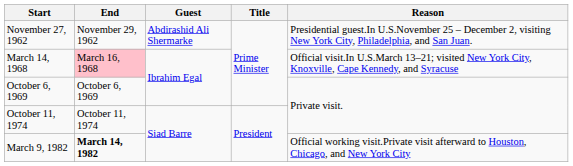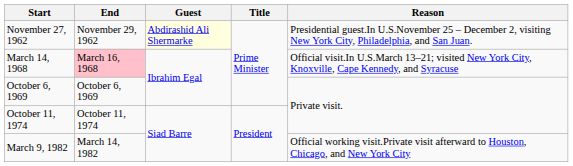 <table class="wikitable sortable">
 <tr>
 <th>Start</th>
 <th>End</th>
 <th>Guest</th>
 <th>Title</th>
 <th>Reason</th>
 </tr>
 <tr>
 <td>November 27, 1962</td>
 <td>November 29, 1962</td>
-<td><a href='#'>Abdirashid Ali Shermarke</a></td>
+<td style="background: lightyellow;"><a href='#'>Abdirashid Ali Shermarke</a></td>
 <td rowspan=3><a href='#'>Prime Minister</a></td>
 <td>Presidential guest.In U.S.November 25 – December 2, visiting <a href='#'>New York City</a>, <a href='#'>Philadelphia</a>, and <a href='#'>San Juan</a>.</td>
 </tr>
 <tr>
 <td>March 14, 1968</td>
 <td style="background: pink;">March 16, 1968</td>
 <td rowspan=2><a href='#'>Ibrahim Egal</a></td>
 <td>Official visit.In U.S.March 13–21; visited <a href='#'>New York City</a>, <a href='#'>Knoxville</a>, <a href='#'>Cape Kennedy</a>, and <a href='#'>Syracuse</a></td>
 </tr>
 <tr>
 <td>October 6, 1969</td>
 <td>October 6, 1969</td>
 <td rowspan=2>Private visit.</td>
 </tr>
 <tr>
 <td>October 11, 1974</td>
 <td>October 11, 1974</td>
 <td rowspan=2><a href='#'>Siad Barre</a></td>
 <td rowspan=2><a href='#'>President</a></td>
 </tr>
 <tr>
 <td>March 9, 1982</td>
-<td><strong>March 14, 1982</strong></td>
+<td>March 14, 1982</td>
 <td>Official working visit.Private visit afterward to <a href='#'>Houston</a>, <a href='#'>Chicago</a>, and <a href='#'>New York City</a></td>
 </tr>
 </table>
